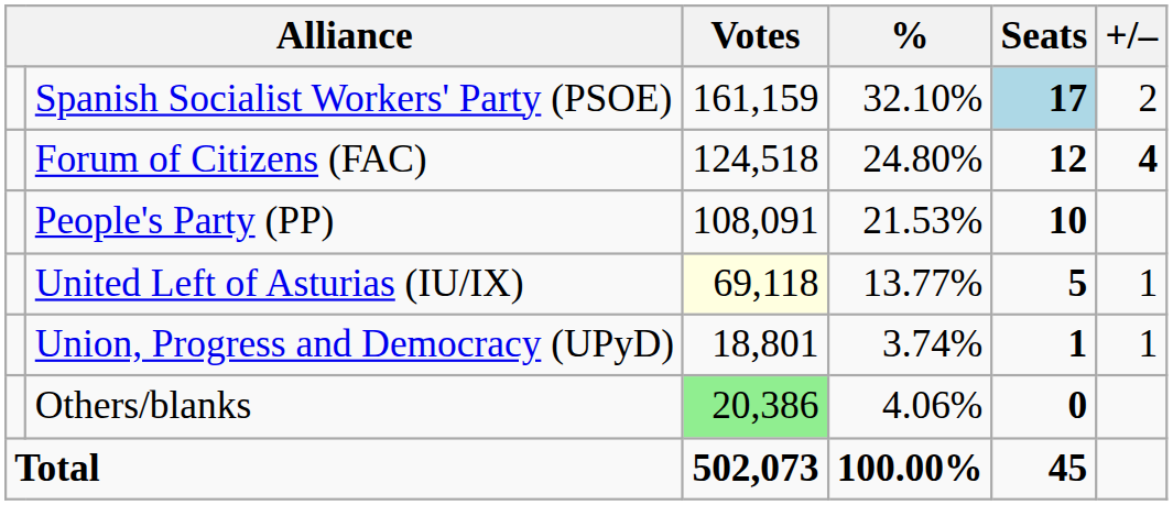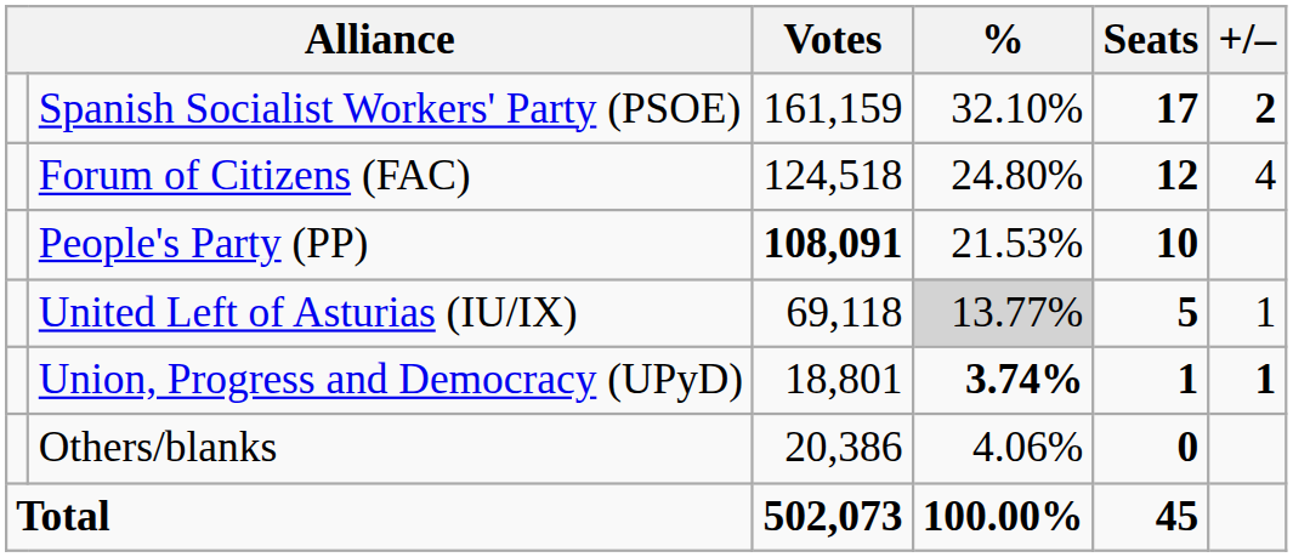 <table class="wikitable" style="font-size:100%; text-align:right;">
 <tr>
 <th colspan="2">Alliance</th>
 <th>Votes</th>
 <th>%</th>
 <th>Seats</th>
 <th>+/–</th>
 </tr>
 <tr>
 <td width="1"></td>
 <td align="left"><a href='#'>Spanish Socialist Workers' Party</a> (PSOE)</td>
 <td>161,159</td>
 <td>32.10%</td>
-<td style="background: lightblue;"><strong>17</strong></td>
-<td>2</td>
+<td><strong>17</strong></td>
+<td><strong>2</strong></td>
 </tr>
 <tr>
 <td></td>
 <td align="left"><a href='#'>Forum of Citizens</a> (FAC)</td>
 <td>124,518</td>
 <td>24.80%</td>
 <td><strong>12</strong></td>
-<td><strong>4</strong></td>
+<td>4</td>
 </tr>
 <tr>
 <td></td>
 <td align="left"><a href='#'>People's Party</a> (PP)</td>
-<td>108,091</td>
+<td><strong>108,091</strong></td>
 <td>21.53%</td>
 <td><strong>10</strong></td>
 <td></td>
 </tr>
 <tr>
 <td></td>
 <td align="left"><a href='#'>United Left of Asturias</a> (IU/IX)</td>
-<td style="background: lightyellow;">69,118</td>
-<td>13.77%</td>
+<td>69,118</td>
+<td style="background: lightgrey;">13.77%</td>
 <td><strong>5</strong></td>
 <td>1</td>
 </tr>
 <tr>
 <td></td>
 <td align="left"><a href='#'>Union, Progress and Democracy</a> (UPyD)</td>
 <td>18,801</td>
-<td>3.74%</td>
+<td><strong>3.74%</strong></td>
 <td><strong>1</strong></td>
-<td>1</td>
+<td><strong>1</strong></td>
 </tr>
 <tr>
 <td></td>
 <td align=left>Others/blanks</td>
-<td style="background: lightgreen;">20,386</td>
+<td>20,386</td>
 <td>4.06%</td>
 <td><strong>0</strong></td>
 <td></td>
 </tr>
 <tr style="font-weight:bold">
 <td colspan="2" align=left>Total</td>
 <td>502,073</td>
 <td>100.00%</td>
 <td>45</td>
 <td></td>
 </tr>
 </table>
